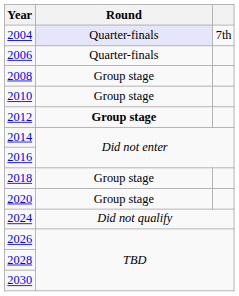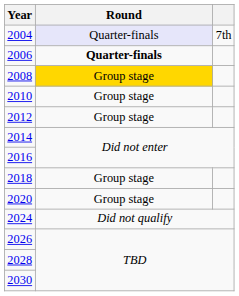 <table class="wikitable" style="text-align: center; font-size:90%">
 <tr>
 <th>Year</th>
 <th style="width:200px">Round</th>
 <th></th>
 </tr>
 <tr>
 <td><a href='#'>2004</a></td>
 <td style="background: lavender;">Quarter-finals</td>
 <td>7th</td>
 </tr>
 <tr>
 <td><a href='#'>2006</a></td>
-<td>Quarter-finals</td>
+<td><strong>Quarter-finals</strong></td>
 <td></td>
 </tr>
 <tr>
 <td><a href='#'>2008</a></td>
-<td>Group stage</td>
+<td style="background: gold;">Group stage</td>
 <td></td>
 </tr>
 <tr>
 <td><a href='#'>2010</a></td>
 <td>Group stage</td>
 <td></td>
 </tr>
 <tr>
 <td><a href='#'>2012</a></td>
-<td><strong>Group stage</strong></td>
+<td>Group stage</td>
 <td></td>
 </tr>
 <tr>
 <td><a href='#'>2014</a></td>
 <td colspan="2" rowspan="2"><em>Did not enter</em></td>
 </tr>
 <tr>
 <td><a href='#'>2016</a></td>
 </tr>
 <tr>
 <td><a href='#'>2018</a></td>
 <td>Group stage</td>
 <td></td>
 </tr>
 <tr>
 <td><a href='#'>2020</a></td>
 <td>Group stage</td>
 <td></td>
 </tr>
 <tr>
 <td><a href='#'>2024</a></td>
 <td colspan="2"><em>Did not qualify</em></td>
 </tr>
 <tr>
 <td><a href='#'>2026</a></td>
 <td colspan="2" rowspan="3"><em>TBD</em></td>
 </tr>
 <tr>
 <td><a href='#'>2028</a></td>
 </tr>
 <tr>
 <td><a href='#'>2030</a></td>
 </tr>
 </table>
